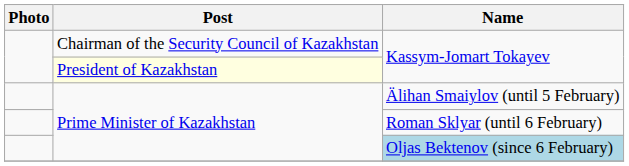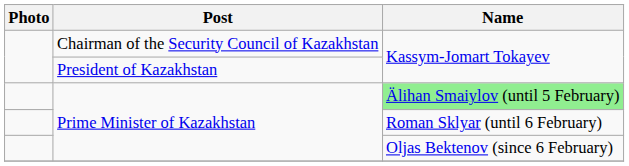 <table class=wikitable>
 <tr>
 <th>Photo</th>
 <th>Post</th>
 <th>Name</th>
 </tr>
 <tr>
 <td rowspan="2"></td>
 <td>Chairman of the <a href='#'>Security Council of Kazakhstan</a></td>
 <td rowspan="2"><a href='#'>Kassym-Jomart Tokayev</a></td>
 </tr>
 <tr>
-<td style="background: lightyellow;"><a href='#'>President of Kazakhstan</a></td>
+<td><a href='#'>President of Kazakhstan</a></td>
 </tr>
 <tr>
 <td></td>
 <td rowspan="3"><a href='#'>Prime Minister of Kazakhstan</a></td>
-<td><a href='#'>Älihan Smaiylov</a> (until 5 February)</td>
+<td style="background: lightgreen;"><a href='#'>Älihan Smaiylov</a> (until 5 February)</td>
 </tr>
 <tr>
 <td></td>
 <td><a href='#'>Roman Sklyar</a> (until 6 February)</td>
 </tr>
 <tr>
 <td></td>
-<td style="background: lightblue;"><a href='#'>Oljas Bektenov</a> (since 6 February)</td>
+<td><a href='#'>Oljas Bektenov</a> (since 6 February)</td>
 </tr>
 <tr>
 </tr>
 </table>
